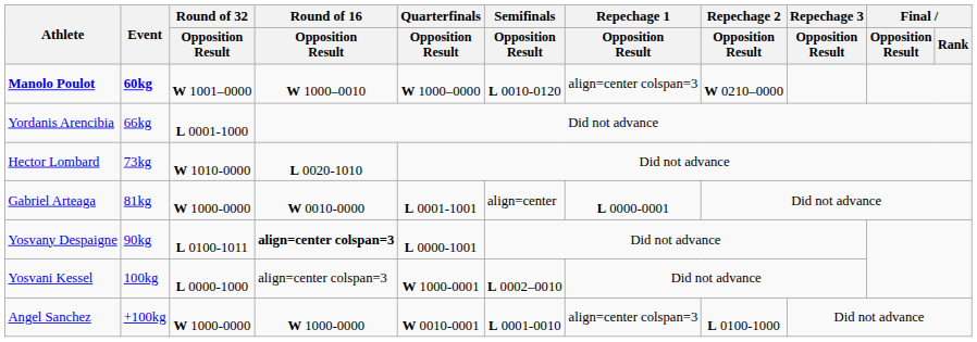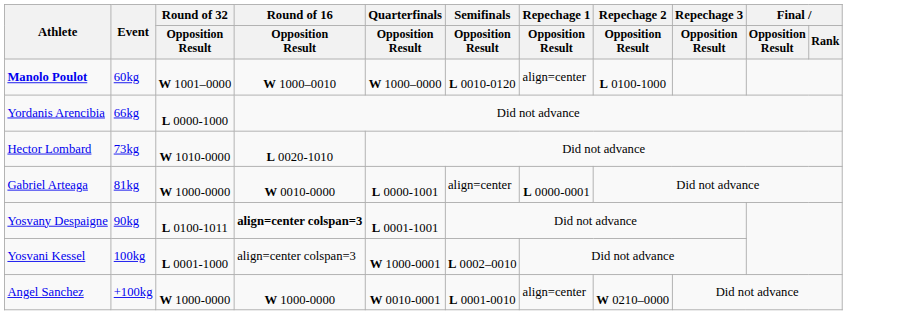 <table class="wikitable" style="font-size:90%">
 <tr>
 <th rowspan="2">Athlete</th>
 <th rowspan="2">Event</th>
 <th>Round of 32</th>
 <th>Round of 16</th>
 <th>Quarterfinals</th>
 <th>Semifinals</th>
 <th>Repechage 1</th>
 <th>Repechage 2</th>
 <th>Repechage 3</th>
 <th colspan=2>Final / </th>
 </tr>
 <tr style="font-size:95%">
 <th>Opposition<br>Result</th>
 <th>Opposition<br>Result</th>
 <th>Opposition<br>Result</th>
 <th>Opposition<br>Result</th>
 <th>Opposition<br>Result</th>
 <th>Opposition<br>Result</th>
 <th>Opposition<br>Result</th>
 <th>Opposition<br>Result</th>
 <th>Rank</th>
 </tr>
 <tr>
 <td align=left><strong><a href='#'>Manolo Poulot</a></strong></td>
-<td align=left><strong><a href='#'>60kg</a></strong></td>
+<td align=left><a href='#'>60kg</a></td>
 <td align=center><br><strong>W</strong> 1001–0000</td>
 <td align=center><br><strong>W</strong> 1000–0010</td>
 <td align=center><br><strong>W</strong> 1000–0000</td>
 <td align=center><br><strong>L</strong> 0010-0120</td>
-<td>align=center colspan=3 </td>
-<td align=center><br><strong>W</strong> 0210–0000</td>
+<td>align=center </td>
+<td align=center><br><strong>L</strong> 0100-1000</td>
 <td align=center></td>
 </tr>
 <tr>
 <td align=left><a href='#'>Yordanis Arencibia</a></td>
 <td align=left><a href='#'>66kg</a></td>
-<td align=center><br><strong>L</strong> 0001-1000</td>
+<td align=center><br><strong>L</strong> 0000-1000</td>
 <td align=center colspan=8>Did not advance</td>
 </tr>
 <tr>
 <td align=left><a href='#'>Hector Lombard</a></td>
 <td align=left><a href='#'>73kg</a></td>
 <td align=center><br><strong>W</strong> 1010-0000</td>
 <td align=center><br><strong>L</strong> 0020-1010</td>
 <td align=center colspan=7>Did not advance</td>
 </tr>
 <tr>
 <td align=left><a href='#'>Gabriel Arteaga</a></td>
 <td align=left><a href='#'>81kg</a></td>
 <td align=center><br><strong>W</strong> 1000-0000</td>
 <td align=center><br><strong>W</strong> 0010-0000</td>
-<td align=center><br><strong>L</strong> 0001-1001</td>
+<td align=center><br><strong>L</strong> 0000-1001</td>
 <td>align=center </td>
 <td align=center><br><strong>L</strong> 0000-0001</td>
 <td align=center colspan=4>Did not advance</td>
 </tr>
 <tr>
 <td align=left><a href='#'>Yosvany Despaigne</a></td>
 <td align=left><a href='#'>90kg</a></td>
 <td align=center><br><strong>L</strong> 0100-1011</td>
 <td><strong>align=center colspan=3 </strong></td>
-<td align=center><br><strong>L</strong> 0000-1001</td>
+<td align=center><br><strong>L</strong> 0001-1001</td>
 <td align=center colspan=4>Did not advance</td>
 </tr>
 <tr>
 <td align=left><a href='#'>Yosvani Kessel</a></td>
 <td align=left><a href='#'>100kg</a></td>
-<td align=center><br><strong>L</strong> 0000-1000</td>
+<td align=center><br><strong>L</strong> 0001-1000</td>
 <td>align=center colspan=3 </td>
 <td align=center><br><strong>W</strong> 1000-0001</td>
 <td align=center><br><strong>L</strong> 0002–0010</td>
 <td align=center colspan=3>Did not advance</td>
 </tr>
 <tr>
 <td align=left><a href='#'>Angel Sanchez</a></td>
 <td align=left><a href='#'>+100kg</a></td>
 <td align=center><br><strong>W</strong> 1000-0000</td>
 <td align=center><br><strong>W</strong> 1000-0000</td>
 <td align=center><br><strong>W</strong> 0010-0001</td>
 <td align=center><br><strong>L</strong> 0001-0010</td>
-<td>align=center colspan=3 </td>
-<td align=center><br><strong>L</strong> 0100-1000</td>
+<td>align=center </td>
+<td align=center><br><strong>W</strong> 0210–0000</td>
 <td align=center colspan=3>Did not advance</td>
 </tr>
 </table>
